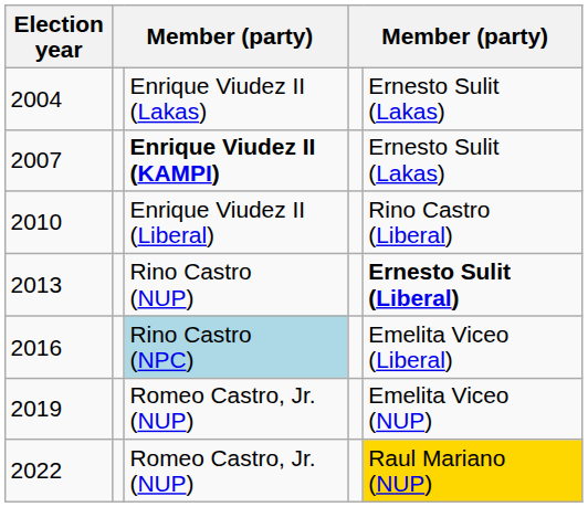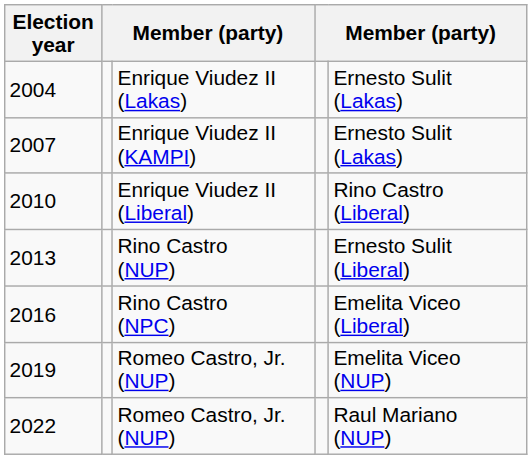 <table class=wikitable style="font-size:90%">
 <tr>
 <th width=60px>Election<br>year</th>
 <th colspan=2 width=140px>Member (party)</th>
 <th colspan=2 width=140px>Member (party)</th>
 </tr>
 <tr>
 <td>2004</td>
 <td bgcolor=></td>
 <td>Enrique Viudez II<br>(<a href='#'>Lakas</a>)</td>
 <td bgcolor=></td>
 <td>Ernesto Sulit<br>(<a href='#'>Lakas</a>)</td>
 </tr>
 <tr>
 <td>2007</td>
 <td bgcolor=></td>
-<td><strong>Enrique Viudez II<br>(<a href='#'>KAMPI</a>)</strong></td>
+<td>Enrique Viudez II<br>(<a href='#'>KAMPI</a>)</td>
 <td bgcolor=></td>
 <td>Ernesto Sulit<br>(<a href='#'>Lakas</a>)</td>
 </tr>
 <tr>
 <td>2010</td>
 <td bgcolor=></td>
 <td>Enrique Viudez II<br>(<a href='#'>Liberal</a>)</td>
 <td bgcolor=></td>
 <td>Rino Castro<br>(<a href='#'>Liberal</a>)</td>
 </tr>
 <tr>
 <td>2013</td>
 <td bgcolor=></td>
 <td>Rino Castro<br>(<a href='#'>NUP</a>)</td>
 <td bgcolor=></td>
-<td><strong>Ernesto Sulit<br>(<a href='#'>Liberal</a>)</strong></td>
+<td>Ernesto Sulit<br>(<a href='#'>Liberal</a>)</td>
 </tr>
 <tr>
 <td>2016</td>
 <td bgcolor=></td>
-<td style="background: lightblue;">Rino Castro<br>(<a href='#'>NPC</a>)</td>
+<td>Rino Castro<br>(<a href='#'>NPC</a>)</td>
 <td bgcolor=></td>
 <td>Emelita Viceo<br>(<a href='#'>Liberal</a>)</td>
 </tr>
 <tr>
 <td>2019</td>
 <td bgcolor=></td>
 <td>Romeo Castro, Jr.<br>(<a href='#'>NUP</a>)</td>
 <td bgcolor=></td>
 <td>Emelita Viceo<br>(<a href='#'>NUP</a>)</td>
 </tr>
 <tr>
 <td>2022</td>
 <td bgcolor=></td>
 <td>Romeo Castro, Jr.<br>(<a href='#'>NUP</a>)</td>
 <td bgcolor=></td>
-<td style="background: gold;">Raul Mariano<br>(<a href='#'>NUP</a>)</td>
+<td>Raul Mariano<br>(<a href='#'>NUP</a>)</td>
 </tr>
 </table>
